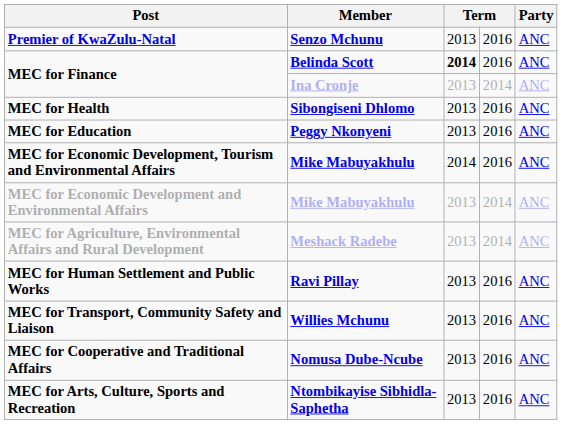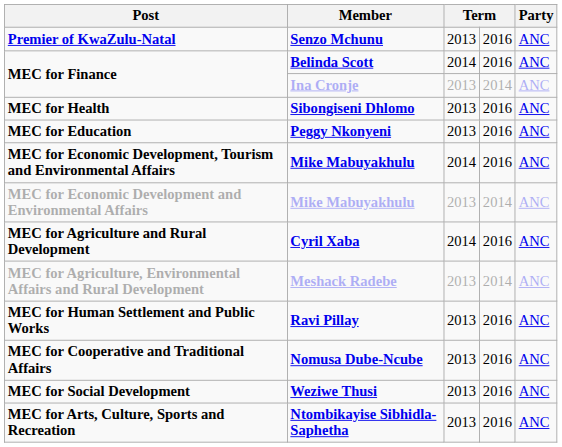 <table class="wikitable">
 <tr>
 <th>Post</th>
 <th>Member</th>
 <th colspan="2">Term</th>
 <th>Party</th>
 </tr>
 <tr>
 <td><strong><a href='#'>Premier of KwaZulu-Natal</a></strong></td>
 <td><strong><a href='#'>Senzo Mchunu</a></strong></td>
 <td>2013</td>
 <td>2016</td>
 <td><a href='#'>ANC</a></td>
 </tr>
 <tr>
 <td rowspan="2"><strong>MEC for Finance</strong></td>
 <td><strong><a href='#'>Belinda Scott</a></strong></td>
-<td><strong>2014</strong></td>
+<td>2014</td>
 <td>2016</td>
 <td><a href='#'>ANC</a></td>
 </tr>
 <tr style="opacity:.3;">
 <td><strong><a href='#'>Ina Cronje</a></strong></td>
 <td>2013</td>
 <td>2014</td>
 <td><a href='#'>ANC</a></td>
 </tr>
 <tr>
 <td><strong>MEC for Health</strong></td>
 <td><strong><a href='#'>Sibongiseni Dhlomo</a></strong></td>
 <td>2013</td>
 <td>2016</td>
 <td><a href='#'>ANC</a></td>
 </tr>
 <tr>
 <td><strong>MEC for Education</strong></td>
 <td><strong><a href='#'>Peggy Nkonyeni</a></strong></td>
 <td>2013</td>
 <td>2016</td>
 <td><a href='#'>ANC</a></td>
 </tr>
 <tr>
 <td><strong>MEC for Economic Development, Tourism and Environmental Affairs</strong></td>
 <td><strong><a href='#'>Mike Mabuyakhulu</a></strong></td>
 <td>2014</td>
 <td>2016</td>
 <td><a href='#'>ANC</a></td>
 </tr>
 <tr style="opacity:.3;">
 <td><strong>MEC for Economic Development and Environmental Affairs</strong></td>
 <td><strong><a href='#'>Mike Mabuyakhulu</a></strong></td>
 <td>2013</td>
 <td>2014</td>
 <td><a href='#'>ANC</a></td>
 </tr>
+<tr>
+<td><strong>MEC for Agriculture and Rural Development</strong></td>
+<td><strong><a href='#'>Cyril Xaba</a></strong></td>
+<td>2014</td>
+<td>2016</td>
+<td><a href='#'>ANC</a></td>
+</tr>
 <tr style="opacity:.3;">
 <td><strong>MEC for Agriculture, Environmental Affairs and Rural Development</strong></td>
 <td><strong><a href='#'>Meshack Radebe</a></strong></td>
 <td>2013</td>
 <td>2014</td>
 <td><a href='#'>ANC</a></td>
 </tr>
 <tr>
 <td><strong>MEC for Human Settlement and Public Works</strong></td>
 <td><strong><a href='#'>Ravi Pillay</a></strong></td>
 <td>2013</td>
 <td>2016</td>
 <td><a href='#'>ANC</a></td>
 </tr>
 <tr>
-<td><strong>MEC for Transport, Community Safety and Liaison</strong></td>
-<td><strong><a href='#'>Willies Mchunu</a></strong></td>
+<td><strong>MEC for Cooperative and Traditional Affairs</strong></td>
+<td><strong><a href='#'>Nomusa Dube-Ncube</a></strong></td>
 <td>2013</td>
 <td>2016</td>
 <td><a href='#'>ANC</a></td>
 </tr>
 <tr>
-<td><strong>MEC for Cooperative and Traditional Affairs</strong></td>
-<td><strong><a href='#'>Nomusa Dube-Ncube</a></strong></td>
+<td><strong>MEC for Social Development</strong></td>
+<td><strong><a href='#'>Weziwe Thusi</a></strong></td>
 <td>2013</td>
 <td>2016</td>
 <td><a href='#'>ANC</a></td>
 </tr>
 <tr>
 <td><strong>MEC for Arts, Culture, Sports and Recreation</strong></td>
 <td><strong><a href='#'>Ntombikayise Sibhidla-Saphetha</a></strong></td>
 <td>2013</td>
 <td>2016</td>
 <td><a href='#'>ANC</a></td>
 </tr>
 </table>
